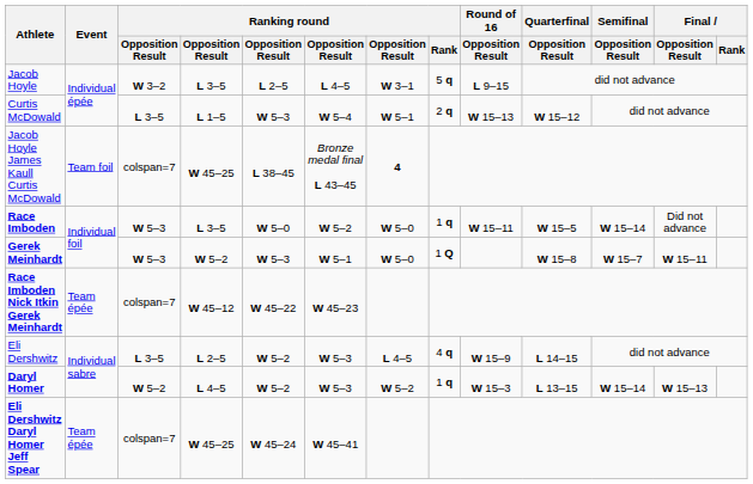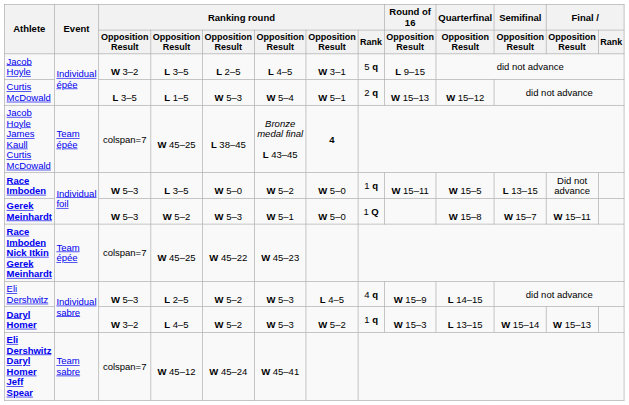 <table class=wikitable style=font-size:90%;text-align:center>
 <tr>
 <th rowspan=2>Athlete</th>
 <th rowspan=2>Event</th>
 <th colspan=6>Ranking round</th>
 <th>Round of 16</th>
 <th>Quarterfinal</th>
 <th>Semifinal</th>
 <th colspan=2>Final / </th>
 </tr>
 <tr style=font-size:95%>
 <th>Opposition<br>Result</th>
 <th>Opposition<br>Result</th>
 <th>Opposition<br>Result</th>
 <th>Opposition<br>Result</th>
 <th>Opposition<br>Result</th>
 <th>Rank</th>
 <th>Opposition<br>Result</th>
 <th>Opposition<br>Result</th>
 <th>Opposition<br>Result</th>
 <th>Opposition<br>Result</th>
 <th>Rank</th>
 </tr>
 <tr>
 <td align=left><a href='#'>Jacob Hoyle</a></td>
 <td align=left rowspan=2><a href='#'>Individual épée</a></td>
 <td><br><strong>W</strong> 3–2</td>
 <td><br><strong>L</strong> 3–5</td>
 <td><br><strong>L</strong> 2–5</td>
 <td><br><strong>L</strong> 4–5</td>
 <td><br><strong>W</strong> 3–1</td>
 <td>5 <strong>q</strong></td>
 <td><br><strong>L</strong> 9–15</td>
 <td colspan=4>did not advance</td>
 </tr>
 <tr>
 <td align=left><a href='#'>Curtis McDowald</a></td>
 <td><br><strong>L</strong> 3–5</td>
 <td><br><strong>L</strong> 1–5</td>
 <td><br><strong>W</strong> 5–3</td>
 <td><br><strong>W</strong> 5–4</td>
 <td><br><strong>W</strong> 5–1</td>
 <td>2 <strong>q</strong></td>
 <td><br><strong>W</strong> 15–13</td>
 <td><br><strong>W</strong> 15–12</td>
 <td colspan=3>did not advance</td>
 </tr>
 <tr>
 <td align=left><a href='#'>Jacob Hoyle</a><br><a href='#'>James Kaull</a><br><a href='#'>Curtis McDowald</a></td>
-<td align=left><a href='#'>Team foil</a></td>
+<td align=left><a href='#'>Team épée</a></td>
 <td>colspan=7 </td>
 <td><br><strong>W</strong> 45–25</td>
 <td><br><strong>L</strong> 38–45</td>
 <td><em>Bronze medal final</em><br><br><strong>L</strong> 43–45</td>
 <td><strong>4</strong></td>
 </tr>
 <tr>
 <td align=left><strong><a href='#'>Race Imboden</a></strong></td>
 <td align=left rowspan=2><a href='#'>Individual foil</a></td>
 <td><br><strong>W</strong> 5–3</td>
 <td><br><strong>L</strong> 3–5</td>
 <td><br><strong>W</strong> 5–0</td>
 <td><br><strong>W</strong> 5–2</td>
 <td><br><strong>W</strong> 5–0</td>
 <td>1 <strong>q</strong></td>
 <td><br><strong>W</strong> 15–11</td>
 <td><br><strong>W</strong> 15–5</td>
-<td><br><strong>W</strong> 15–14</td>
+<td><br><strong>L</strong> 13–15</td>
 <td>Did not advance</td>
 <td></td>
 </tr>
 <tr>
 <td align=left><strong><a href='#'>Gerek Meinhardt</a></strong></td>
 <td><br><strong>W</strong> 5–3</td>
 <td><br><strong>W</strong> 5–2</td>
 <td><br><strong>W</strong> 5–3</td>
 <td><br><strong>W</strong> 5–1</td>
 <td><br><strong>W</strong> 5–0</td>
 <td>1 <strong>Q</strong></td>
 <td></td>
 <td><br><strong>W</strong> 15–8</td>
 <td><br><strong>W</strong> 15–7</td>
 <td><br><strong>W</strong> 15–11</td>
 <td></td>
 </tr>
 <tr>
 <td align=left><strong><a href='#'>Race Imboden</a><br><a href='#'>Nick Itkin</a><br><a href='#'>Gerek Meinhardt</a></strong></td>
 <td align=left><a href='#'>Team épée</a></td>
 <td>colspan=7 </td>
-<td><br><strong>W</strong> 45–12</td>
+<td><br><strong>W</strong> 45–25</td>
 <td><br><strong>W</strong> 45–22</td>
 <td><br><strong>W</strong> 45–23</td>
 <td></td>
 </tr>
 <tr>
 <td align=left><a href='#'>Eli Dershwitz</a></td>
 <td align=left rowspan=2><a href='#'>Individual sabre</a></td>
-<td><br><strong>L</strong> 3–5</td>
+<td><br><strong>W</strong> 5–3</td>
 <td><br><strong>L</strong> 2–5</td>
 <td><br><strong>W</strong> 5–2</td>
 <td><br><strong>W</strong> 5–3</td>
 <td><br><strong>L</strong> 4–5</td>
 <td>4 <strong>q</strong></td>
 <td><br><strong>W</strong> 15–9</td>
 <td><br><strong>L</strong> 14–15</td>
 <td colspan=3>did not advance</td>
 </tr>
 <tr>
 <td align=left><strong><a href='#'>Daryl Homer</a></strong></td>
-<td><br><strong>W</strong> 5–2</td>
+<td><br><strong>W</strong> 3–2</td>
 <td><br><strong>L</strong> 4–5</td>
 <td><br><strong>W</strong> 5–2</td>
 <td><br><strong>W</strong> 5–3</td>
 <td><br><strong>W</strong> 5–2</td>
 <td>1 <strong>q</strong></td>
 <td><br><strong>W</strong> 15–3</td>
 <td><br><strong>L</strong> 13–15</td>
 <td><br><strong>W</strong> 15–14</td>
 <td><br><strong>W</strong> 15–13</td>
 <td></td>
 </tr>
 <tr>
 <td align=left><strong><a href='#'>Eli Dershwitz</a><br><a href='#'>Daryl Homer</a><br><a href='#'>Jeff Spear</a></strong></td>
-<td align=left><a href='#'>Team épée</a></td>
+<td align=left><a href='#'>Team sabre</a></td>
 <td>colspan=7 </td>
-<td><br><strong>W</strong> 45–25</td>
+<td><br><strong>W</strong> 45–12</td>
 <td><br><strong>W</strong> 45–24</td>
 <td><br><strong>W</strong> 45–41</td>
 <td></td>
 </tr>
 </table>
